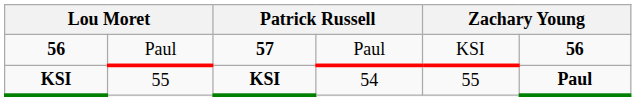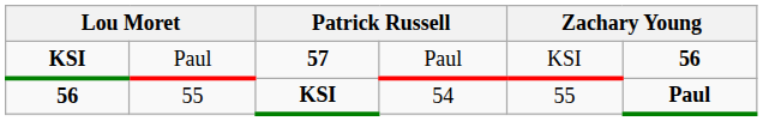 <table class="wikitable" style="text-align:center; font-size: 90%">
 <tr>
 <th colspan=2 style="width:20%">Lou Moret</th>
 <th colspan=2 style="width:20%">Patrick Russell</th>
 <th colspan=2 style="width:20%">Zachary Young</th>
 </tr>
 <tr>
-<td><strong>56</strong></td>
+<td style="border-bottom:3px solid green"><strong>KSI</strong></td>
 <td style="border-bottom:3px solid red">Paul</td>
 <td><strong>57</strong></td>
 <td style="border-bottom:3px solid red">Paul</td>
 <td style="border-bottom:3px solid red">KSI</td>
 <td><strong>56</strong></td>
 </tr>
 <tr>
-<td style="border-bottom:3px solid green"><strong>KSI</strong></td>
+<td><strong>56</strong></td>
 <td>55</td>
 <td style="border-bottom:3px solid green"><strong>KSI</strong></td>
 <td>54</td>
 <td>55</td>
 <td style="border-bottom:3px solid green"><strong>Paul</strong></td>
 </tr>
 </table>
